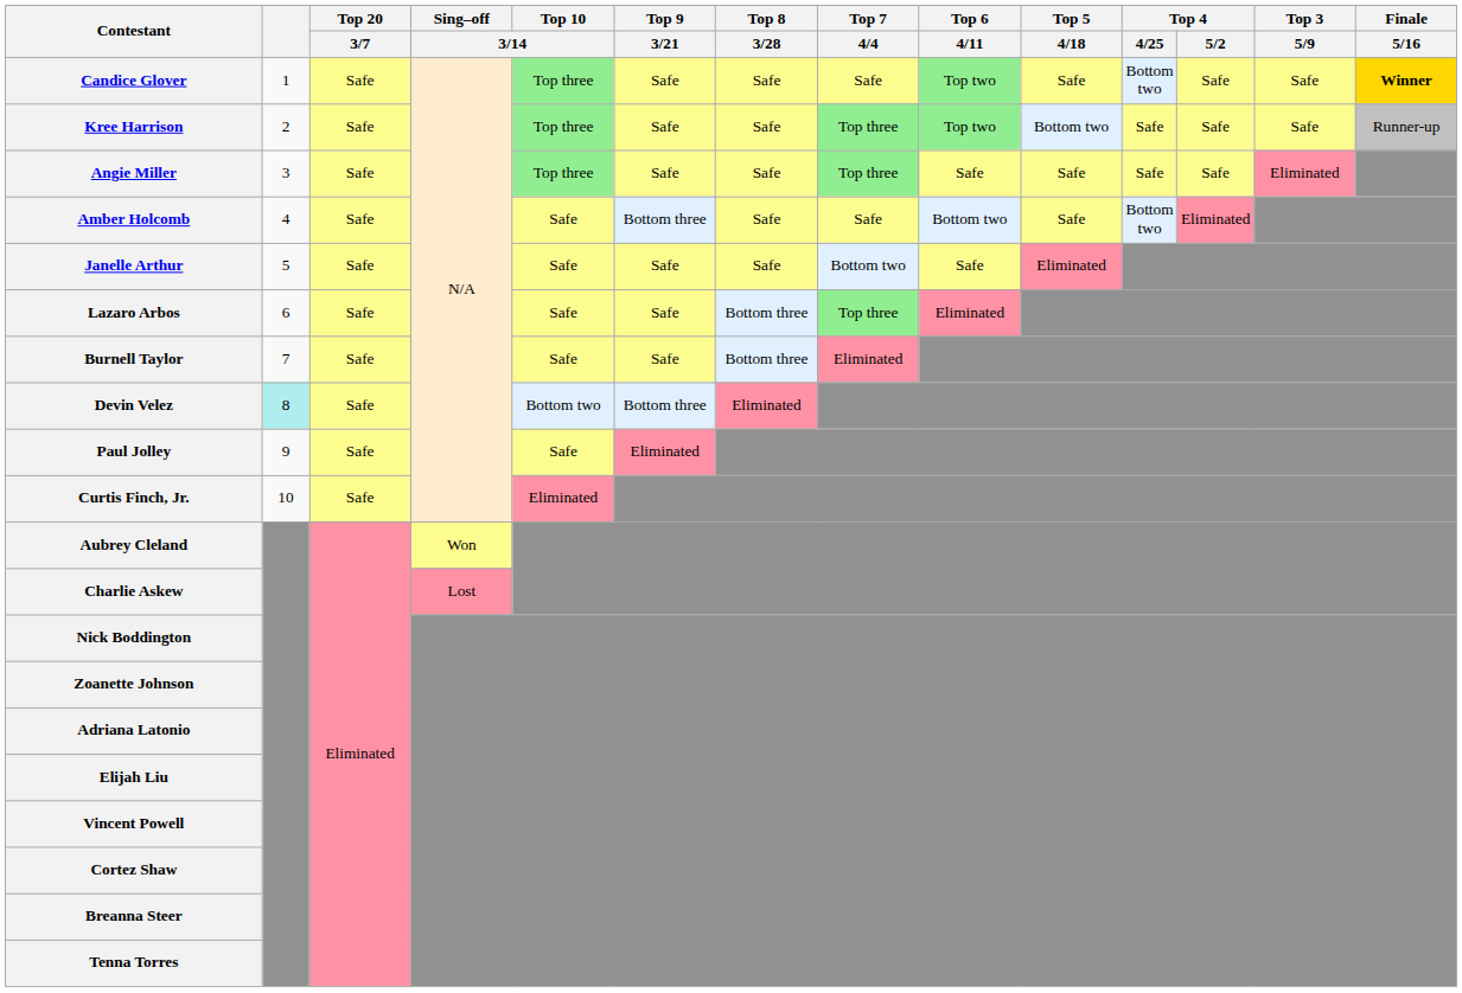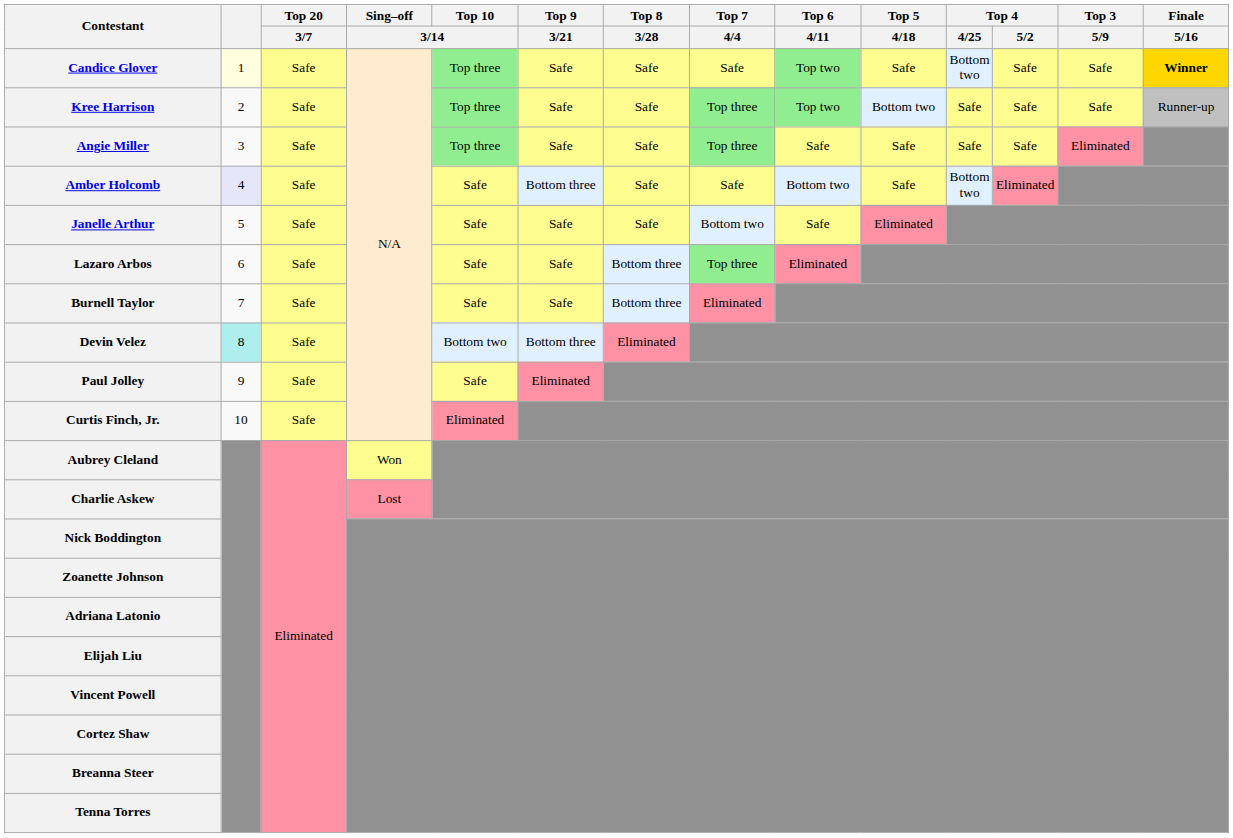 <table class="wikitable" style="text-align:center; font-size:85%;">
 <tr>
 <th scope="col" rowspan="2">Contestant</th>
 <th scope="col" rowspan="2"></th>
 <th scope="col" style="width:7%;">Top 20</th>
 <th scope="col" style="width:7%;">Sing–off</th>
 <th scope="col" style="width:7%;">Top 10</th>
 <th scope="col" style="width:7%;">Top 9</th>
 <th scope="col" style="width:7%;">Top 8</th>
 <th scope="col" style="width:7%;">Top 7</th>
 <th scope="col" style="width:7%;">Top 6</th>
 <th scope="col" style="width:7%;">Top 5</th>
 <th scope="col" colspan=2 style="width:7%;">Top 4</th>
 <th scope="col" style="width:7%;">Top 3</th>
 <th scope="col" style="width:7%;">Finale</th>
 </tr>
 <tr>
 <th>3/7</th>
 <th colspan="2">3/14</th>
 <th>3/21</th>
 <th>3/28</th>
 <th>4/4</th>
 <th>4/11</th>
 <th>4/18</th>
 <th>4/25</th>
 <th>5/2</th>
 <th>5/9</th>
 <th>5/16</th>
 </tr>
 <tr style="height:40px">
 <th scope="row"><a href='#'>Candice Glover</a></th>
-<td>1</td>
+<td style="background: lightyellow;">1</td>
 <td style="background:#FDFC8F;">Safe</td>
 <td rowspan="10" style="background:#FFEBCD;">N/A</td>
 <td style="background:lightgreen;">Top three</td>
 <td style="background:#FDFC8F;">Safe</td>
 <td style="background:#FDFC8F;">Safe</td>
 <td style="background:#FDFC8F;">Safe</td>
 <td style="background:lightgreen;">Top two</td>
 <td style="background:#FDFC8F;">Safe</td>
 <td style="background:#e0f0ff;">Bottom two</td>
 <td style="background:#FDFC8F;">Safe</td>
 <td style="background:#FDFC8F;">Safe</td>
 <td style="background:gold;"><strong>Winner</strong></td>
 </tr>
 <tr style="height:40px">
 <th scope="row"><a href='#'>Kree Harrison</a></th>
 <td>2</td>
 <td style="background:#FDFC8F;">Safe</td>
 <td style="background:lightgreen;">Top three</td>
 <td style="background:#FDFC8F;">Safe</td>
 <td style="background:#FDFC8F;">Safe</td>
 <td style="background:lightgreen;">Top three</td>
 <td style="background:lightgreen;">Top two</td>
 <td style="background:#e0f0ff;">Bottom two</td>
 <td style="background:#FDFC8F;">Safe</td>
 <td style="background:#FDFC8F;">Safe</td>
 <td style="background:#FDFC8F;">Safe</td>
 <td style="background:silver;">Runner-up</td>
 </tr>
 <tr style="height:40px">
 <th scope="row"><a href='#'>Angie Miller</a></th>
 <td>3</td>
 <td style="background:#FDFC8F;">Safe</td>
 <td style="background:lightgreen;">Top three</td>
 <td style="background:#FDFC8F;">Safe</td>
 <td style="background:#FDFC8F;">Safe</td>
 <td style="background:lightgreen;">Top three</td>
 <td style="background:#FDFC8F;">Safe</td>
 <td style="background:#FDFC8F;">Safe</td>
 <td style="background:#FDFC8F;">Safe</td>
 <td style="background:#FDFC8F;">Safe</td>
 <td style="background:#FF91A4">Eliminated</td>
 <td style="background:#919191"></td>
 </tr>
 <tr style="height:40px">
 <th scope="row"><a href='#'>Amber Holcomb</a></th>
-<td>4</td>
+<td style="background: lavender;">4</td>
 <td style="background:#FDFC8F;">Safe</td>
 <td style="background:#FDFC8F;">Safe</td>
 <td style="background:#e0f0ff;">Bottom three</td>
 <td style="background:#FDFC8F;">Safe</td>
 <td style="background:#FDFC8F;">Safe</td>
 <td style="background:#e0f0ff;">Bottom two</td>
 <td style="background:#FDFC8F;">Safe</td>
 <td style="background:#e0f0ff;">Bottom two</td>
 <td style="background:#FF91A4">Eliminated</td>
 <td colspan=2 style="background:#919191"></td>
 </tr>
 <tr style="height:40px">
 <th scope="row"><a href='#'>Janelle Arthur</a></th>
 <td>5</td>
 <td style="background:#FDFC8F;">Safe</td>
 <td style="background:#FDFC8F;">Safe</td>
 <td style="background:#FDFC8F;">Safe</td>
 <td style="background:#FDFC8F;">Safe</td>
 <td style="background:#e0f0ff;">Bottom two</td>
 <td style="background:#FDFC8F;">Safe</td>
 <td style="background:#FF91A4">Eliminated</td>
 <td colspan=4 style="background:#919191"></td>
 </tr>
 <tr style="height:40px">
 <th scope="row">Lazaro Arbos</th>
 <td>6</td>
 <td style="background:#FDFC8F;">Safe</td>
 <td style="background:#FDFC8F;">Safe</td>
 <td style="background:#FDFC8F;">Safe</td>
 <td style="background:#e0f0ff;">Bottom three</td>
 <td style="background:lightgreen;">Top three</td>
 <td style="background:#FF91A4">Eliminated</td>
 <td colspan=5 style="background:#919191"></td>
 </tr>
 <tr style="height:40px">
 <th scope="row">Burnell Taylor</th>
 <td>7</td>
 <td style="background:#FDFC8F;">Safe</td>
 <td style="background:#FDFC8F;">Safe</td>
 <td style="background:#FDFC8F;">Safe</td>
 <td style="background:#e0f0ff;">Bottom three</td>
 <td style="background:#FF91A4">Eliminated</td>
 <td colspan=6 style="background:#919191"></td>
 </tr>
 <tr style="height:40px">
 <th scope="row">Devin Velez</th>
 <td style="background: paleturquoise;">8</td>
 <td style="background:#FDFC8F;">Safe</td>
 <td style="background:#e0f0ff;">Bottom two</td>
 <td style="background:#e0f0ff;">Bottom three</td>
 <td style="background:#FF91A4">Eliminated</td>
 <td colspan=7 style="background:#919191"></td>
 </tr>
 <tr style="height:40px">
 <th scope="row">Paul Jolley</th>
 <td>9</td>
 <td style="background:#FDFC8F;">Safe</td>
 <td style="background:#FDFC8F;">Safe</td>
 <td style="background:#FF91A4">Eliminated</td>
 <td colspan=8 style="background:#919191"></td>
 </tr>
 <tr style="height:40px">
 <th scope="row">Curtis Finch, Jr.</th>
 <td>10</td>
 <td style="background:#FDFC8F;">Safe</td>
 <td style="background:#FF91A4">Eliminated</td>
 <td colspan=9 style="background:#919191"></td>
 </tr>
 <tr style="height:40px">
 <th scope="row">Aubrey Cleland</th>
 <td rowspan="10" bgcolor="919191"></td>
 <td rowspan="10" style="background:#FF91A4">Eliminated</td>
 <td style="background:#FDFC8F;">Won<br></td>
 <td colspan="10" rowspan="2" style="background:#919191"></td>
 </tr>
 <tr style="height:40px">
 <th scope="row">Charlie Askew</th>
 <td bgcolor="FF91A4">Lost<br></td>
 </tr>
 <tr style="height:40px">
 <th scope="row">Nick Boddington</th>
 <td colspan="11" rowspan="8" style="background:#919191"></td>
 </tr>
 <tr style="height:40px">
 <th scope="row">Zoanette Johnson</th>
 </tr>
 <tr style="height:40px">
 <th scope="row">Adriana Latonio</th>
 </tr>
 <tr style="height:40px">
 <th scope="row">Elijah Liu</th>
 </tr>
 <tr style="height:40px">
 <th scope="row">Vincent Powell</th>
 </tr>
 <tr style="height:40px">
 <th scope="row">Cortez Shaw</th>
 </tr>
 <tr style="height:40px">
 <th scope="row">Breanna Steer</th>
 </tr>
 <tr style="height:40px">
 <th scope="row">Tenna Torres</th>
 </tr>
 </table>
